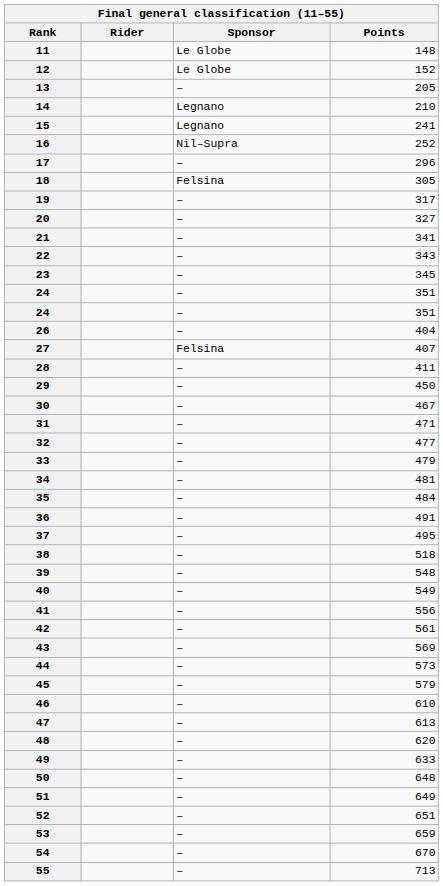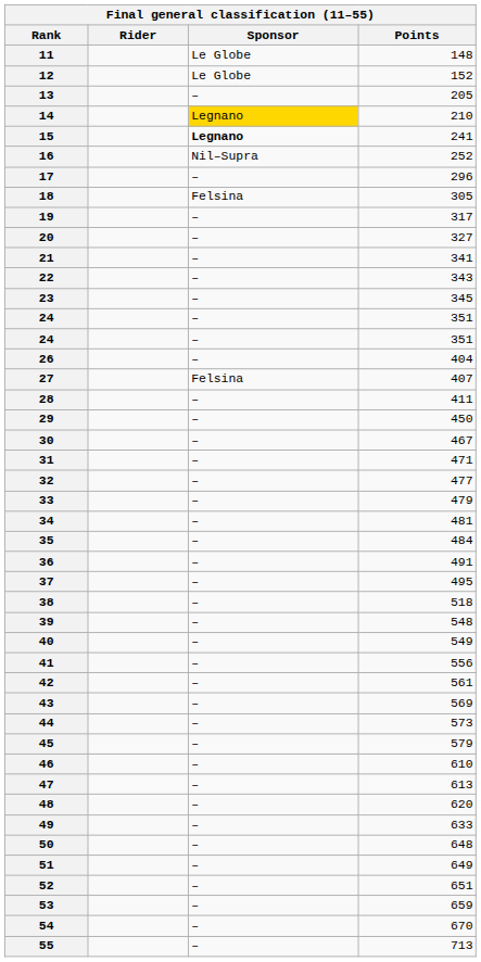 <table class="collapsible collapsed wikitable noprint" style="width:38em;margin-top:-1px;">
 <tr>
 <th scope="col" colspan="4">Final general classification (11–55)</th>
 </tr>
 <tr>
 <th scope="col">Rank</th>
 <th scope="col">Rider</th>
 <th scope="col">Sponsor</th>
 <th scope="col">Points</th>
 </tr>
 <tr>
 <th scope="col">11</th>
 <td></td>
 <td>Le Globe</td>
 <td style="text-align:right;">148</td>
 </tr>
 <tr>
 <th scope="col">12</th>
 <td></td>
 <td>Le Globe</td>
 <td style="text-align:right;">152</td>
 </tr>
 <tr>
 <th scope="col">13</th>
 <td></td>
 <td>–</td>
 <td style="text-align:right;">205</td>
 </tr>
 <tr>
 <th scope="col">14</th>
 <td></td>
-<td>Legnano</td>
+<td style="background: gold;">Legnano</td>
 <td style="text-align:right;">210</td>
 </tr>
 <tr>
 <th scope="col">15</th>
 <td></td>
-<td>Legnano</td>
+<td><strong>Legnano</strong></td>
 <td style="text-align:right;">241</td>
 </tr>
 <tr>
 <th scope="col">16</th>
 <td></td>
 <td>Nil–Supra</td>
 <td style="text-align:right;">252</td>
 </tr>
 <tr>
 <th scope="col">17</th>
 <td></td>
 <td>–</td>
 <td style="text-align:right;">296</td>
 </tr>
 <tr>
 <th scope="col">18</th>
 <td></td>
 <td>Felsina</td>
 <td style="text-align:right;">305</td>
 </tr>
 <tr>
 <th scope="col">19</th>
 <td></td>
 <td>–</td>
 <td style="text-align:right;">317</td>
 </tr>
 <tr>
 <th scope="col">20</th>
 <td></td>
 <td>–</td>
 <td style="text-align:right;">327</td>
 </tr>
 <tr>
 <th scope="col">21</th>
 <td></td>
 <td>–</td>
 <td style="text-align:right;">341</td>
 </tr>
 <tr>
 <th scope="col">22</th>
 <td></td>
 <td>–</td>
 <td style="text-align:right;">343</td>
 </tr>
 <tr>
 <th scope="col">23</th>
 <td></td>
 <td>–</td>
 <td style="text-align:right;">345</td>
 </tr>
 <tr>
 <th scope="col">24</th>
 <td></td>
 <td>–</td>
 <td style="text-align:right;">351</td>
 </tr>
 <tr>
 <th scope="col">24</th>
 <td></td>
 <td>–</td>
 <td style="text-align:right;">351</td>
 </tr>
 <tr>
 <th scope="col">26</th>
 <td></td>
 <td>–</td>
 <td style="text-align:right;">404</td>
 </tr>
 <tr>
 <th scope="col">27</th>
 <td></td>
 <td>Felsina</td>
 <td style="text-align:right;">407</td>
 </tr>
 <tr>
 <th scope="col">28</th>
 <td></td>
 <td>–</td>
 <td style="text-align:right;">411</td>
 </tr>
 <tr>
 <th scope="col">29</th>
 <td></td>
 <td>–</td>
 <td style="text-align:right;">450</td>
 </tr>
 <tr>
 <th scope="col">30</th>
 <td></td>
 <td>–</td>
 <td style="text-align:right;">467</td>
 </tr>
 <tr>
 <th scope="col">31</th>
 <td></td>
 <td>–</td>
 <td style="text-align:right;">471</td>
 </tr>
 <tr>
 <th scope="col">32</th>
 <td></td>
 <td>–</td>
 <td style="text-align:right;">477</td>
 </tr>
 <tr>
 <th scope="col">33</th>
 <td></td>
 <td>–</td>
 <td style="text-align:right;">479</td>
 </tr>
 <tr>
 <th scope="col">34</th>
 <td></td>
 <td>–</td>
 <td style="text-align:right;">481</td>
 </tr>
 <tr>
 <th scope="col">35</th>
 <td></td>
 <td>–</td>
 <td style="text-align:right;">484</td>
 </tr>
 <tr>
 <th scope="col">36</th>
 <td></td>
 <td>–</td>
 <td style="text-align:right;">491</td>
 </tr>
 <tr>
 <th scope="col">37</th>
 <td></td>
 <td>–</td>
 <td style="text-align:right;">495</td>
 </tr>
 <tr>
 <th scope="col">38</th>
 <td></td>
 <td>–</td>
 <td style="text-align:right;">518</td>
 </tr>
 <tr>
 <th scope="col">39</th>
 <td></td>
 <td>–</td>
 <td style="text-align:right;">548</td>
 </tr>
 <tr>
 <th scope="col">40</th>
 <td></td>
 <td>–</td>
 <td style="text-align:right;">549</td>
 </tr>
 <tr>
 <th scope="col">41</th>
 <td></td>
 <td>–</td>
 <td style="text-align:right;">556</td>
 </tr>
 <tr>
 <th scope="col">42</th>
 <td></td>
 <td>–</td>
 <td style="text-align:right;">561</td>
 </tr>
 <tr>
 <th scope="col">43</th>
 <td></td>
 <td>–</td>
 <td style="text-align:right;">569</td>
 </tr>
 <tr>
 <th scope="col">44</th>
 <td></td>
 <td>–</td>
 <td style="text-align:right;">573</td>
 </tr>
 <tr>
 <th scope="col">45</th>
 <td></td>
 <td>–</td>
 <td style="text-align:right;">579</td>
 </tr>
 <tr>
 <th scope="col">46</th>
 <td></td>
 <td>–</td>
 <td style="text-align:right;">610</td>
 </tr>
 <tr>
 <th scope="col">47</th>
 <td></td>
 <td>–</td>
 <td style="text-align:right;">613</td>
 </tr>
 <tr>
 <th scope="col">48</th>
 <td></td>
 <td>–</td>
 <td style="text-align:right;">620</td>
 </tr>
 <tr>
 <th scope="col">49</th>
 <td></td>
 <td>–</td>
 <td style="text-align:right;">633</td>
 </tr>
 <tr>
 <th scope="col">50</th>
 <td></td>
 <td>–</td>
 <td style="text-align:right;">648</td>
 </tr>
 <tr>
 <th scope="col">51</th>
 <td></td>
 <td>–</td>
 <td style="text-align:right;">649</td>
 </tr>
 <tr>
 <th scope="col">52</th>
 <td></td>
 <td>–</td>
 <td style="text-align:right;">651</td>
 </tr>
 <tr>
 <th scope="col">53</th>
 <td></td>
 <td>–</td>
 <td style="text-align:right;">659</td>
 </tr>
 <tr>
 <th scope="col">54</th>
 <td></td>
 <td>–</td>
 <td style="text-align:right;">670</td>
 </tr>
 <tr>
 <th scope="col">55</th>
 <td></td>
 <td>–</td>
 <td style="text-align:right;">713</td>
 </tr>
 </table>
